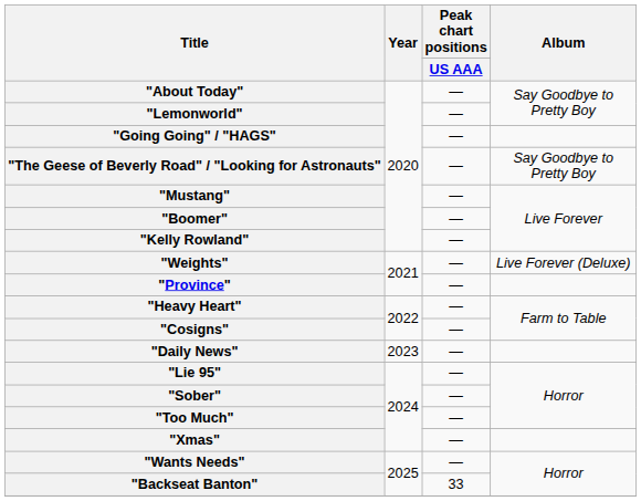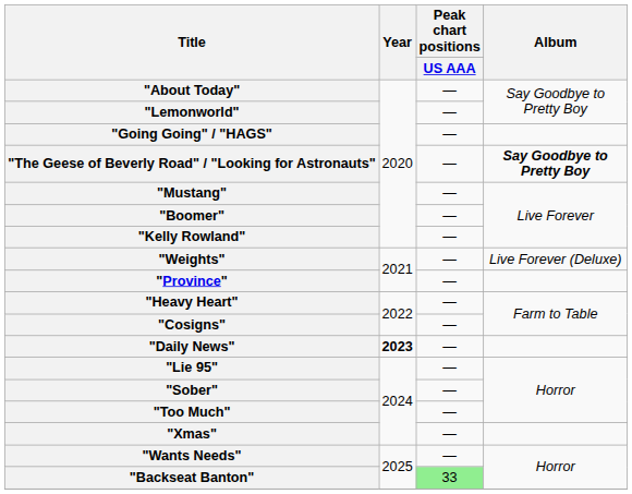 <table class="wikitable plainrowheaders" style="text-align:center">
 <tr>
 <th scope="col" rowspan="2">Title</th>
 <th scope="col" style="width:1em;" rowspan="2">Year</th>
 <th scope="col" style="width:1em;" colspan="1">Peak chart positions</th>
 <th scope="col" style="width:10em;" rowspan="2">Album</th>
 </tr>
 <tr>
 <th><a href='#'>US AAA</a></th>
 </tr>
 <tr>
 <th scope="row">"About Today"</th>
 <td rowspan="7">2020</td>
 <td>—</td>
 <td rowspan="2"><em>Say Goodbye to Pretty Boy</em></td>
 </tr>
 <tr>
 <th scope="row">"Lemonworld"</th>
 <td>—</td>
 </tr>
 <tr>
 <th scope="row">"Going Going" / "HAGS"</th>
 <td>—</td>
 <td></td>
 </tr>
 <tr>
 <th scope="row">"The Geese of Beverly Road" / "Looking for Astronauts"</th>
 <td>—</td>
-<td><em>Say Goodbye to Pretty Boy</em></td>
+<td><strong><em>Say Goodbye to Pretty Boy</em></strong></td>
 </tr>
 <tr>
 <th scope="row">"Mustang"</th>
 <td>—</td>
 <td rowspan="3"><em>Live Forever</em></td>
 </tr>
 <tr>
 <th scope="row">"Boomer"</th>
 <td>—</td>
 </tr>
 <tr>
 <th scope="row">"Kelly Rowland"</th>
 <td>—</td>
 </tr>
 <tr>
 <th scope="row">"Weights"</th>
 <td rowspan="2">2021</td>
 <td>—</td>
 <td><em>Live Forever (Deluxe)</em></td>
 </tr>
 <tr>
 <th scope="row">"<a href='#'>Province</a>"<br></th>
 <td>—</td>
 <td></td>
 </tr>
 <tr>
 <th scope="row">"Heavy Heart"</th>
 <td rowspan="2">2022</td>
 <td>—</td>
 <td rowspan="2"><em>Farm to Table</em></td>
 </tr>
 <tr>
 <th scope="row">"Cosigns"</th>
 <td>—</td>
 </tr>
 <tr>
 <th scope="row">"Daily News"</th>
-<td>2023</td>
+<td><strong>2023</strong></td>
 <td>—</td>
 <td></td>
 </tr>
 <tr>
 <th scope="row">"Lie 95"</th>
 <td rowspan="4">2024</td>
 <td>—</td>
 <td rowspan="3"><em>Horror</em></td>
 </tr>
 <tr>
 <th scope="row">"Sober"</th>
 <td>—</td>
 </tr>
 <tr>
 <th scope="row">"Too Much"</th>
 <td>—</td>
 </tr>
 <tr>
 <th scope="row">"Xmas"</th>
 <td>—</td>
 <td></td>
 </tr>
 <tr>
 <th scope="row">"Wants Needs"</th>
 <td rowspan="2">2025</td>
 <td>—</td>
 <td rowspan="2"><em>Horror</em></td>
 </tr>
 <tr>
 <th scope="row">"Backseat Banton"</th>
-<td>33</td>
+<td style="background: lightgreen;">33</td>
 </tr>
 <tr>
 </tr>
 </table>
